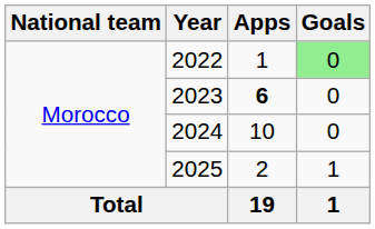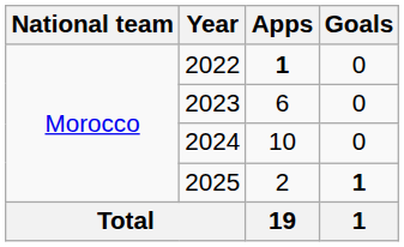 <table class="wikitable" style="text-align: center;">
 <tr>
 <th>National team</th>
 <th>Year</th>
 <th>Apps</th>
 <th>Goals</th>
 </tr>
 <tr>
 <td rowspan="4"><a href='#'>Morocco</a></td>
 <td>2022</td>
-<td>1</td>
-<td style="background: lightgreen;">0</td>
+<td><strong>1</strong></td>
+<td>0</td>
 </tr>
 <tr>
 <td>2023</td>
-<td><strong>6</strong></td>
+<td>6</td>
 <td>0</td>
 </tr>
 <tr>
 <td>2024</td>
 <td>10</td>
 <td>0</td>
 </tr>
 <tr>
 <td>2025</td>
 <td>2</td>
-<td>1</td>
+<td><strong>1</strong></td>
 </tr>
 <tr>
 <th colspan="2">Total</th>
 <th>19</th>
 <th>1</th>
 </tr>
 </table>
